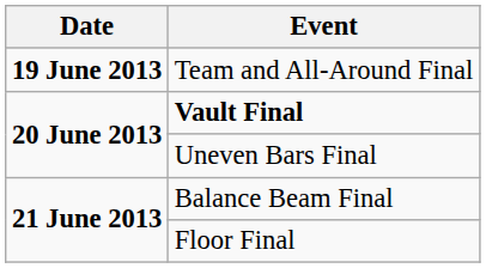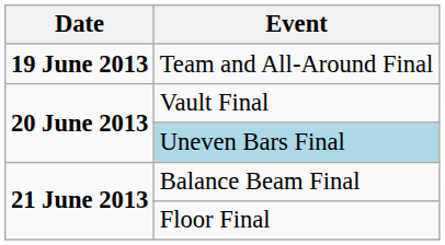 <table class="wikitable">
 <tr>
 <th>Date</th>
 <th>Event</th>
 </tr>
 <tr>
 <td><strong>19 June 2013</strong></td>
 <td>Team and All-Around Final</td>
 </tr>
 <tr>
 <td rowspan=2><strong>20 June 2013</strong></td>
-<td><strong>Vault Final</strong></td>
+<td>Vault Final</td>
 </tr>
 <tr>
-<td>Uneven Bars Final</td>
+<td style="background: lightblue;">Uneven Bars Final</td>
 </tr>
 <tr>
 <td rowspan=2><strong>21 June 2013</strong></td>
 <td>Balance Beam Final</td>
 </tr>
 <tr>
 <td>Floor Final</td>
 </tr>
 </table>
